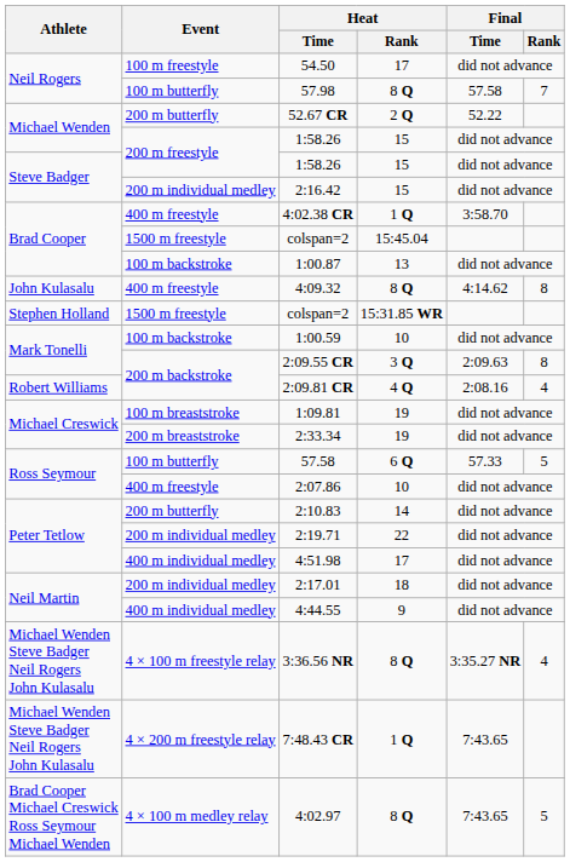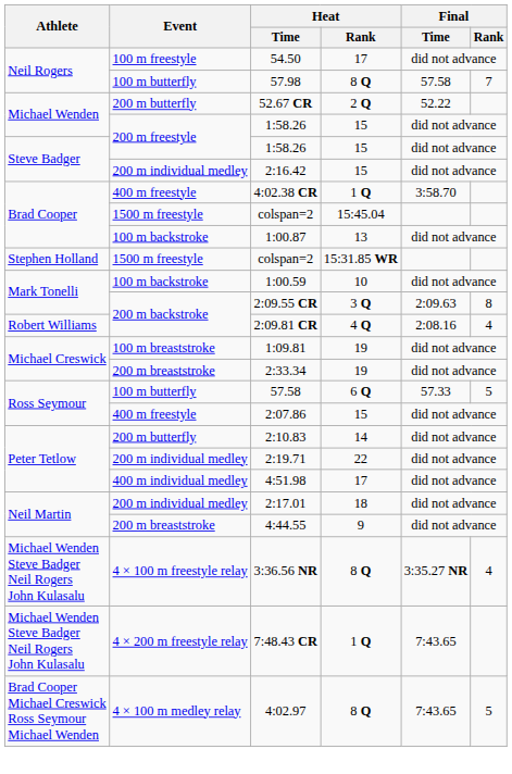 <table class="wikitable" style="text-align:center; font-size:90%">
 <tr>
 <th rowspan="2">Athlete</th>
 <th rowspan="2">Event</th>
 <th colspan="2">Heat</th>
 <th colspan="2">Final</th>
 </tr>
 <tr style="font-size:95%">
 <th>Time</th>
 <th>Rank</th>
 <th>Time</th>
 <th>Rank</th>
 </tr>
 <tr>
 <td align=left rowspan=2><a href='#'>Neil Rogers</a></td>
 <td align=left><a href='#'>100 m freestyle</a></td>
 <td>54.50</td>
 <td>17</td>
 <td colspan=2>did not advance</td>
 </tr>
 <tr>
 <td align=left><a href='#'>100 m butterfly</a></td>
 <td>57.98</td>
 <td>8 <strong>Q</strong></td>
 <td>57.58</td>
 <td>7</td>
 </tr>
 <tr>
 <td align=left rowspan=2><a href='#'>Michael Wenden</a></td>
 <td align=left><a href='#'>200 m butterfly</a></td>
 <td>52.67 <strong>CR</strong></td>
 <td>2 <strong>Q</strong></td>
 <td>52.22</td>
 <td></td>
 </tr>
 <tr>
 <td align=left rowspan=2><a href='#'>200 m freestyle</a></td>
 <td>1:58.26</td>
 <td>15</td>
 <td colspan=2>did not advance</td>
 </tr>
 <tr>
 <td align=left rowspan=2><a href='#'>Steve Badger</a></td>
 <td>1:58.26</td>
 <td>15</td>
 <td colspan=2>did not advance</td>
 </tr>
 <tr>
 <td align=left><a href='#'>200 m individual medley</a></td>
 <td>2:16.42</td>
 <td>15</td>
 <td colspan=2>did not advance</td>
 </tr>
 <tr>
 <td align=left rowspan=3><a href='#'>Brad Cooper</a></td>
 <td align=left><a href='#'>400 m freestyle</a></td>
 <td>4:02.38 <strong>CR</strong></td>
 <td>1 <strong>Q</strong></td>
 <td>3:58.70</td>
 <td></td>
 </tr>
 <tr>
 <td align=left><a href='#'>1500 m freestyle</a></td>
 <td>colspan=2 </td>
 <td>15:45.04</td>
 <td></td>
 </tr>
 <tr>
 <td align=left><a href='#'>100 m backstroke</a></td>
 <td>1:00.87</td>
 <td>13</td>
 <td colspan=2>did not advance</td>
 </tr>
 <tr>
-<td align=left><a href='#'>John Kulasalu</a></td>
-<td align=left><a href='#'>400 m freestyle</a></td>
-<td>4:09.32</td>
-<td>8 <strong>Q</strong></td>
-<td>4:14.62</td>
-<td>8</td>
-</tr>
-<tr>
 <td align=left><a href='#'>Stephen Holland</a></td>
 <td align=left><a href='#'>1500 m freestyle</a></td>
 <td>colspan=2 </td>
 <td>15:31.85 <strong>WR</strong></td>
 <td></td>
 </tr>
 <tr>
 <td align=left rowspan=2><a href='#'>Mark Tonelli</a></td>
 <td align=left><a href='#'>100 m backstroke</a></td>
 <td>1:00.59</td>
 <td>10</td>
 <td colspan=2>did not advance</td>
 </tr>
 <tr>
 <td align=left rowspan=2><a href='#'>200 m backstroke</a></td>
 <td>2:09.55 <strong>CR</strong></td>
 <td>3 <strong>Q</strong></td>
 <td>2:09.63</td>
 <td>8</td>
 </tr>
 <tr>
 <td align=left><a href='#'>Robert Williams</a></td>
 <td>2:09.81 <strong>CR</strong></td>
 <td>4 <strong>Q</strong></td>
 <td>2:08.16</td>
 <td>4</td>
 </tr>
 <tr>
 <td align=left rowspan=2><a href='#'>Michael Creswick</a></td>
 <td align=left><a href='#'>100 m breaststroke</a></td>
 <td>1:09.81</td>
 <td>19</td>
 <td colspan=2>did not advance</td>
 </tr>
 <tr>
 <td align=left><a href='#'>200 m breaststroke</a></td>
 <td>2:33.34</td>
 <td>19</td>
 <td colspan=2>did not advance</td>
 </tr>
 <tr>
 <td align=left rowspan=2><a href='#'>Ross Seymour</a></td>
 <td align=left><a href='#'>100 m butterfly</a></td>
 <td>57.58</td>
 <td>6 <strong>Q</strong></td>
 <td>57.33</td>
 <td>5</td>
 </tr>
 <tr>
 <td align=left><a href='#'>400 m freestyle</a></td>
 <td>2:07.86</td>
-<td>10</td>
+<td>15</td>
 <td colspan=2>did not advance</td>
 </tr>
 <tr>
 <td align=left rowspan=3><a href='#'>Peter Tetlow</a></td>
 <td align=left><a href='#'>200 m butterfly</a></td>
 <td>2:10.83</td>
 <td>14</td>
 <td colspan=2>did not advance</td>
 </tr>
 <tr>
 <td align=left><a href='#'>200 m individual medley</a></td>
 <td>2:19.71</td>
 <td>22</td>
 <td colspan=2>did not advance</td>
 </tr>
 <tr>
 <td align=left><a href='#'>400 m individual medley</a></td>
 <td>4:51.98</td>
 <td>17</td>
 <td colspan=2>did not advance</td>
 </tr>
 <tr>
 <td align=left rowspan=2><a href='#'>Neil Martin</a></td>
 <td align=left><a href='#'>200 m individual medley</a></td>
 <td>2:17.01</td>
 <td>18</td>
 <td colspan=2>did not advance</td>
 </tr>
 <tr>
-<td align=left><a href='#'>400 m individual medley</a></td>
+<td align=left><a href='#'>200 m breaststroke</a></td>
 <td>4:44.55</td>
 <td>9</td>
 <td colspan=2>did not advance</td>
 </tr>
 <tr>
 <td align=left><a href='#'>Michael Wenden</a><br><a href='#'>Steve Badger</a><br><a href='#'>Neil Rogers</a><br><a href='#'>John Kulasalu</a></td>
 <td align=left><a href='#'>4 × 100 m freestyle relay</a></td>
 <td>3:36.56 <strong>NR</strong></td>
 <td>8 <strong>Q</strong></td>
 <td>3:35.27 <strong>NR</strong></td>
 <td>4</td>
 </tr>
 <tr>
 <td align=left><a href='#'>Michael Wenden</a><br><a href='#'>Steve Badger</a><br><a href='#'>Neil Rogers</a><br><a href='#'>John Kulasalu</a></td>
 <td align=left><a href='#'>4 × 200 m freestyle relay</a></td>
 <td>7:48.43 <strong>CR</strong></td>
 <td>1 <strong>Q</strong></td>
 <td>7:43.65</td>
 <td></td>
 </tr>
 <tr>
 <td align=left><a href='#'>Brad Cooper</a><br><a href='#'>Michael Creswick</a><br><a href='#'>Ross Seymour</a><br><a href='#'>Michael Wenden</a></td>
 <td align=left><a href='#'>4 × 100 m medley relay</a></td>
 <td>4:02.97</td>
 <td>8 <strong>Q</strong></td>
 <td>7:43.65</td>
 <td>5</td>
 </tr>
 </table>
